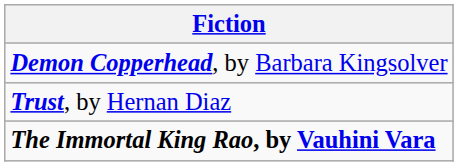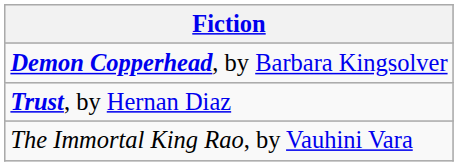 <table class="wikitable" style="float:left; float:none;">
 <tr>
 <th><a href='#'>Fiction</a></th>
 </tr>
 <tr>
 <td><strong><em><a href='#'>Demon Copperhead</a></em></strong>, by <a href='#'>Barbara Kingsolver</a></td>
 </tr>
 <tr>
 <td><strong><em><a href='#'>Trust</a></em></strong>, by <a href='#'>Hernan Diaz</a></td>
 </tr>
 <tr>
-<td><strong><em>The Immortal King Rao</em>, by <a href='#'>Vauhini Vara</a></strong></td>
+<td><em>The Immortal King Rao</em>, by <a href='#'>Vauhini Vara</a></td>
 </tr>
 </table>
